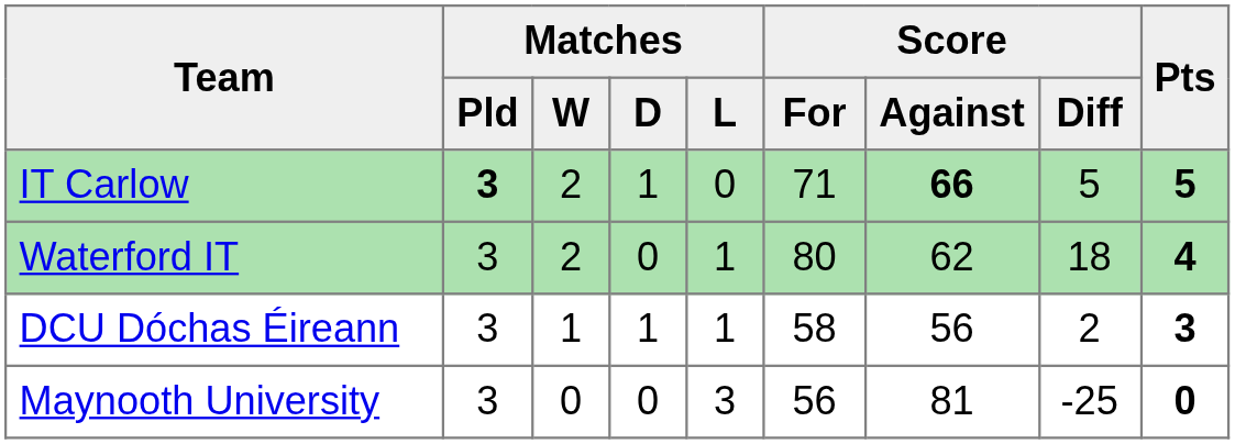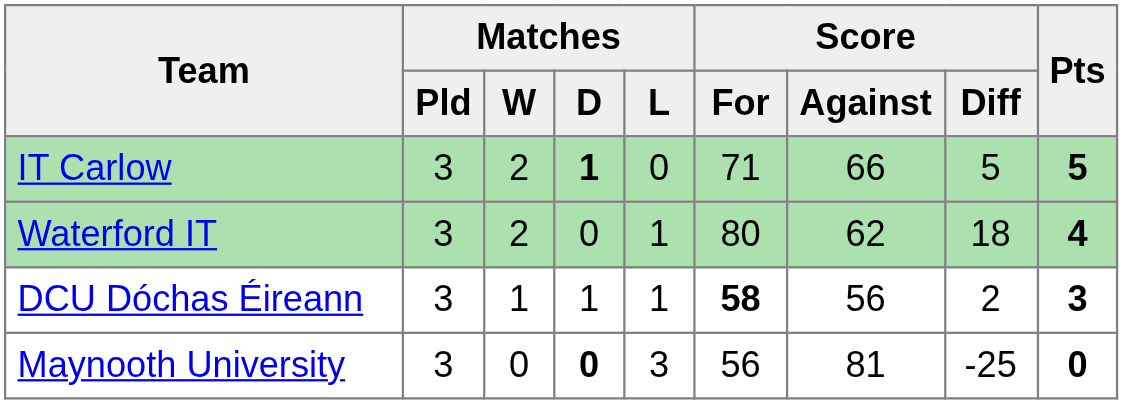 <table style=border-collapse:collapse border=1 cellspacing=0 cellpadding=5>
 <tr align=center bgcolor=#efefef>
 <th rowspan=2 width=165>Team</th>
 <th colspan=4>Matches</th>
 <th colspan=3>Score</th>
 <th rowspan=2width=20>Pts</th>
 </tr>
 <tr align=center bgcolor=#efefef>
 <th width=20>Pld</th>
 <th width=20>W</th>
 <th width=20>D</th>
 <th width=20>L</th>
 <th width=30>For</th>
 <th width=30>Against</th>
 <th width=30>Diff</th>
 </tr>
 <tr align=center style="background:#ACE1AF;">
 <td style="text-align:left;"><a href='#'>IT Carlow</a></td>
-<td><strong>3</strong></td>
+<td>3</td>
 <td>2</td>
-<td>1</td>
+<td><strong>1</strong></td>
 <td>0</td>
 <td>71</td>
-<td><strong>66</strong></td>
+<td>66</td>
 <td>5</td>
 <td><strong>5</strong></td>
 </tr>
 <tr align=center style="background:#ACE1AF;">
 <td style="text-align:left;"><a href='#'>Waterford IT</a></td>
 <td>3</td>
 <td>2</td>
 <td>0</td>
 <td>1</td>
 <td>80</td>
 <td>62</td>
 <td>18</td>
 <td><strong>4</strong></td>
 </tr>
 <tr align=center>
 <td style="text-align:left;"><a href='#'>DCU Dóchas Éireann</a></td>
 <td>3</td>
 <td>1</td>
 <td>1</td>
 <td>1</td>
-<td>58</td>
+<td><strong>58</strong></td>
 <td>56</td>
 <td>2</td>
 <td><strong>3</strong></td>
 </tr>
 <tr align=center>
 <td style="text-align:left;"><a href='#'>Maynooth University</a></td>
 <td>3</td>
 <td>0</td>
-<td>0</td>
+<td><strong>0</strong></td>
 <td>3</td>
 <td>56</td>
 <td>81</td>
 <td>-25</td>
 <td><strong>0</strong></td>
 </tr>
 </table>
